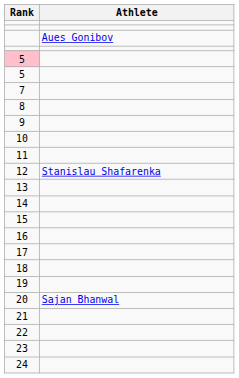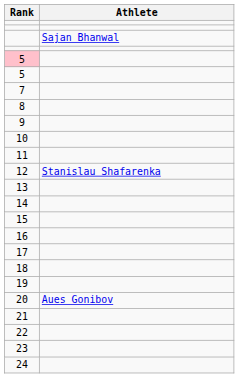 <table class="wikitable" style="text-align: center;">
 <tr>
 <th width=40>Rank</th>
 <th width=250>Athlete</th>
 </tr>
 <tr>
 <td></td>
 <td align="left"></td>
 </tr>
 <tr>
 <td></td>
 <td align="left"></td>
 </tr>
 <tr>
 <td></td>
-<td align="left"> <a href='#'>Aues Gonibov</a> </td>
+<td align="left"> <a href='#'>Sajan Bhanwal</a> </td>
 </tr>
 <tr>
 <td></td>
 <td align="left"></td>
 </tr>
 <tr>
 <td style="background: pink;">5</td>
 <td align="left"></td>
 </tr>
 <tr>
 <td>5</td>
 <td align="left"></td>
 </tr>
 <tr>
 <td>7</td>
 <td align="left"></td>
 </tr>
 <tr>
 <td>8</td>
 <td align="left"></td>
 </tr>
 <tr>
 <td>9</td>
 <td align="left"></td>
 </tr>
 <tr>
 <td>10</td>
 <td align="left"></td>
 </tr>
 <tr>
 <td>11</td>
 <td align="left"></td>
 </tr>
 <tr>
 <td>12</td>
 <td align="left"> <a href='#'>Stanislau Shafarenka</a> </td>
 </tr>
 <tr>
 <td>13</td>
 <td align="left"></td>
 </tr>
 <tr>
 <td>14</td>
 <td align="left"></td>
 </tr>
 <tr>
 <td>15</td>
 <td align="left"></td>
 </tr>
 <tr>
 <td>16</td>
 <td align="left"></td>
 </tr>
 <tr>
 <td>17</td>
 <td align="left"></td>
 </tr>
 <tr>
 <td>18</td>
 <td align="left"></td>
 </tr>
 <tr>
 <td>19</td>
 <td align="left"></td>
 </tr>
 <tr>
 <td>20</td>
-<td align="left"> <a href='#'>Sajan Bhanwal</a> </td>
+<td align="left"> <a href='#'>Aues Gonibov</a> </td>
 </tr>
 <tr>
 <td>21</td>
 <td align="left"></td>
 </tr>
 <tr>
 <td>22</td>
 <td align="left"></td>
 </tr>
 <tr>
 <td>23</td>
 <td align="left"></td>
 </tr>
 <tr>
 <td>24</td>
 <td align="left"></td>
 </tr>
 </table>
